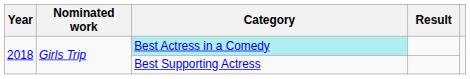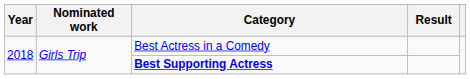 <table style="width:100%;" class="wikitable sortable">
 <tr>
 <th style="width:1%;" scope="col">Year</th>
 <th style="width:20%;" scope="col">Nominated work</th>
 <th style="width:58%;" scope="col">Category</th>
 <th style="width:11%;" scope="col">Result</th>
 <th style="width:1%;" scope="col"></th>
 </tr>
 <tr>
 <td rowspan="2"><a href='#'>2018</a></td>
 <td rowspan="2"><em><a href='#'>Girls Trip</a></em></td>
-<td style="background: paleturquoise;"><a href='#'>Best Actress in a Comedy</a></td>
+<td><a href='#'>Best Actress in a Comedy</a></td>
 <td></td>
 <td rowspan="2"></td>
 </tr>
 <tr>
-<td><a href='#'>Best Supporting Actress</a></td>
+<td><strong><a href='#'>Best Supporting Actress</a></strong></td>
 <td></td>
 </tr>
 </table>
